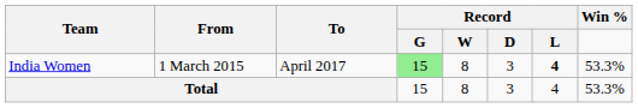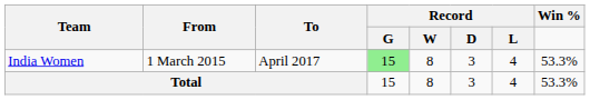 <table class="wikitable" style="text-align: center">
 <tr>
 <th rowspan=2! width=150>Team</th>
 <th rowspan=2! width=120>From</th>
 <th rowspan=2! width=120>To</th>
 <th colspan=4>Record</th>
 <th width=50>Win %</th>
 </tr>
 <tr>
 <th width=40>G</th>
 <th width=40>W</th>
 <th width=40>D</th>
 <th width=40>L</th>
 </tr>
 <tr>
 <td align=left> <a href='#'>India Women</a></td>
 <td align=left>1 March 2015</td>
 <td align=left>April 2017</td>
 <td style="background: lightgreen;">15</td>
 <td>8</td>
 <td>3</td>
-<td><strong>4</strong></td>
+<td>4</td>
 <td>53.3%</td>
 </tr>
 <tr>
 <th colspan="3">Total</th>
 <td>15</td>
 <td>8</td>
 <td>3</td>
 <td>4</td>
 <td>53.3%</td>
 </tr>
 </table>
